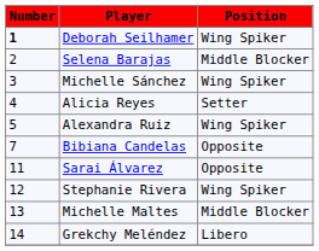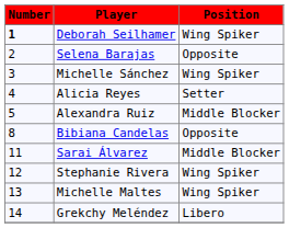 <table bgcolor="#f7f8ff" cellpadding="3" cellspacing="0" border="1" style="font-size: 95%; border: gray solid 1px; border-collapse: collapse;">
 <tr bgcolor="#ff0000">
 <td align=center><strong>Number</strong></td>
 <td align=center><strong>Player</strong></td>
 <td align=center><strong>Position</strong></td>
 </tr>
 <tr align="left">
 <td><strong>1</strong></td>
 <td> <a href='#'>Deborah Seilhamer</a></td>
 <td>Wing Spiker</td>
 </tr>
 <tr align="left">
 <td>2</td>
 <td> <a href='#'>Selena Barajas</a></td>
-<td>Middle Blocker</td>
+<td>Opposite</td>
 </tr>
 <tr align="left">
 <td>3</td>
 <td> Michelle Sánchez</td>
 <td>Wing Spiker</td>
 </tr>
 <tr align="left">
 <td>4</td>
 <td> Alicia Reyes</td>
 <td>Setter</td>
 </tr>
 <tr align="left">
 <td>5</td>
 <td> Alexandra Ruiz</td>
-<td>Wing Spiker</td>
+<td>Middle Blocker</td>
 </tr>
 <tr align="left">
-<td>7</td>
+<td>8</td>
 <td> <a href='#'>Bibiana Candelas</a></td>
 <td>Opposite</td>
 </tr>
 <tr align="left">
 <td>11</td>
 <td> <a href='#'>Sarai Álvarez</a></td>
-<td>Opposite</td>
+<td>Middle Blocker</td>
 </tr>
 <tr align="left">
 <td>12</td>
 <td> Stephanie Rivera</td>
 <td>Wing Spiker</td>
 </tr>
 <tr align="left">
 <td>13</td>
 <td> Michelle Maltes</td>
-<td>Middle Blocker</td>
+<td>Wing Spiker</td>
 </tr>
 <tr align="left">
 <td>14</td>
 <td> Grekchy Meléndez</td>
 <td>Libero</td>
 </tr>
 <tr align="left">
 </tr>
 </table>
